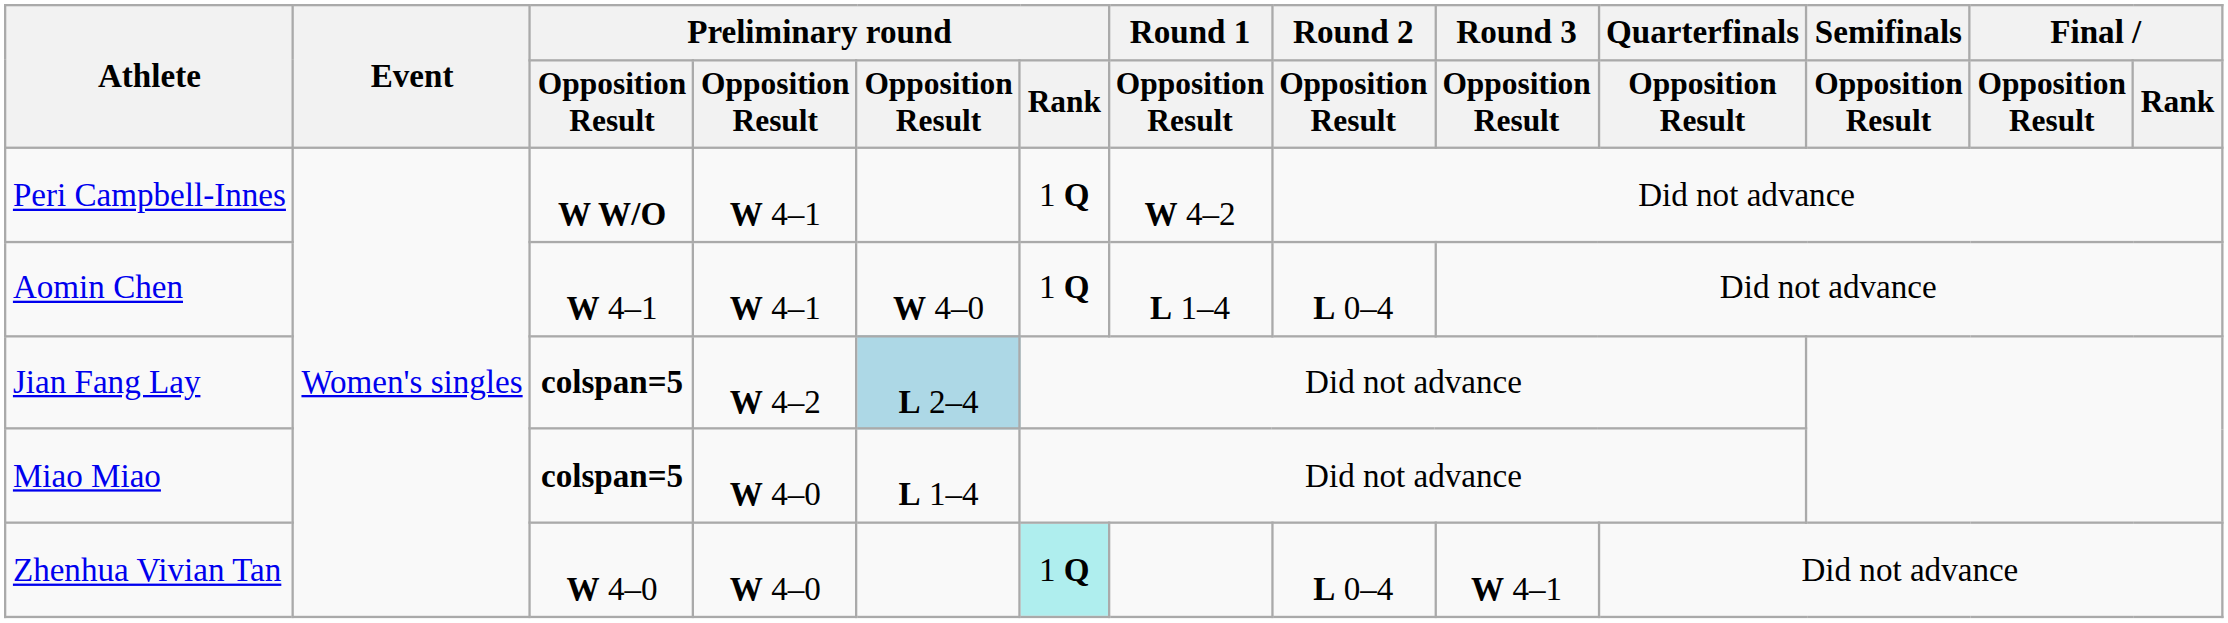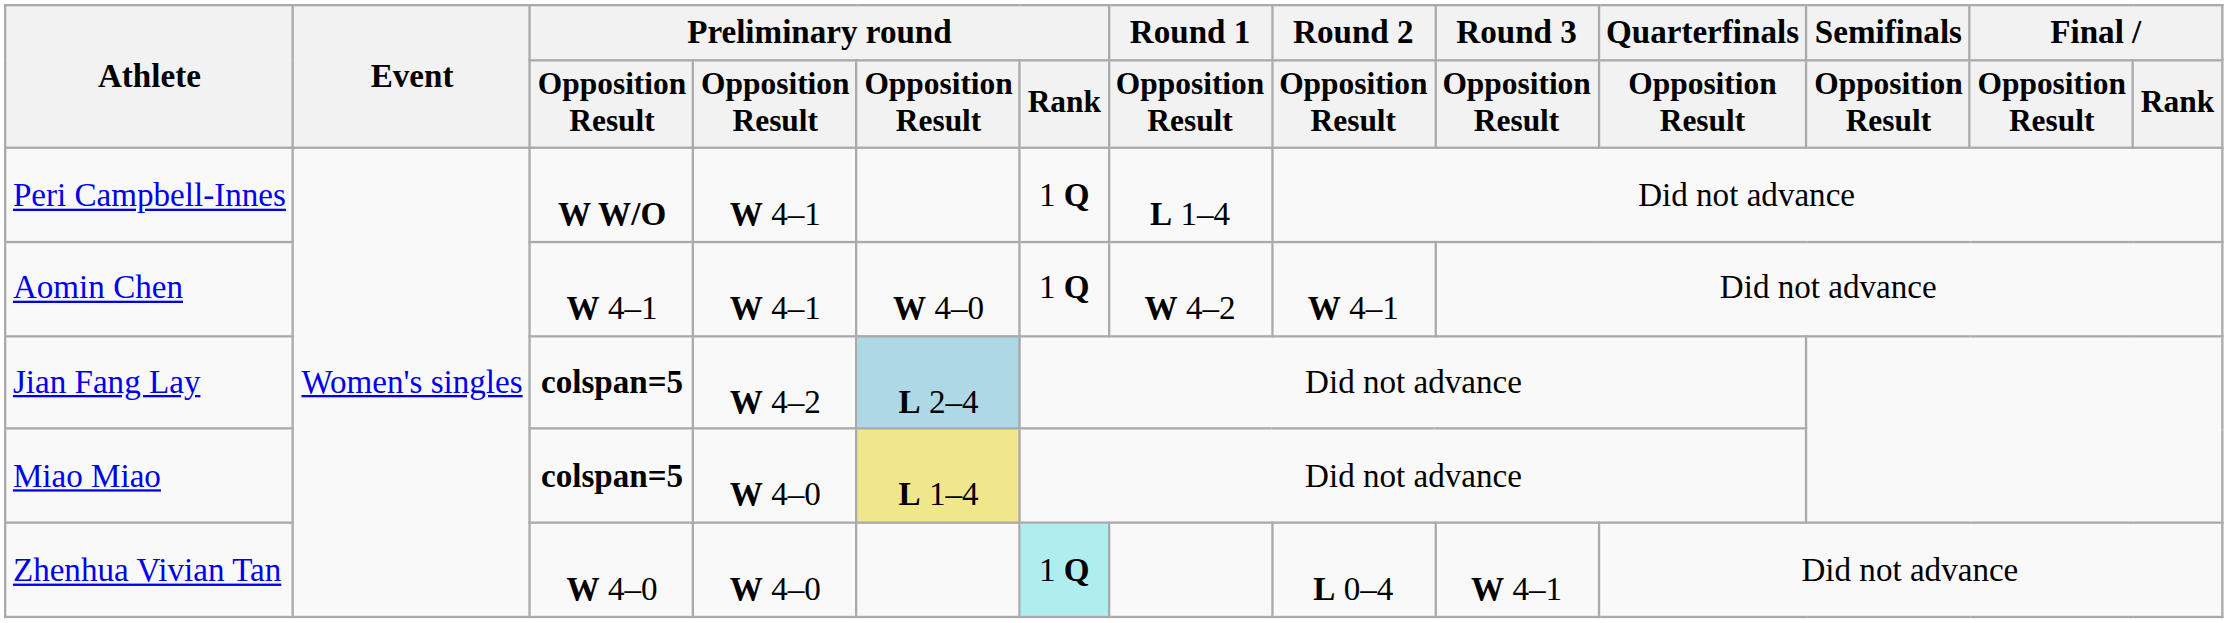 <table class="wikitable" style="font-size:90%">
 <tr>
 <th rowspan="2">Athlete</th>
 <th rowspan="2">Event</th>
 <th colspan=4>Preliminary round</th>
 <th>Round 1</th>
 <th>Round 2</th>
 <th>Round 3</th>
 <th>Quarterfinals</th>
 <th>Semifinals</th>
 <th colspan=2>Final / </th>
 </tr>
 <tr style="font-size:95%">
 <th>Opposition<br>Result</th>
 <th>Opposition<br>Result</th>
 <th>Opposition<br>Result</th>
 <th>Rank</th>
 <th>Opposition<br>Result</th>
 <th>Opposition<br>Result</th>
 <th>Opposition<br>Result</th>
 <th>Opposition<br>Result</th>
 <th>Opposition<br>Result</th>
 <th>Opposition<br>Result</th>
 <th>Rank</th>
 </tr>
 <tr align=center>
 <td align=left><a href='#'>Peri Campbell-Innes</a></td>
 <td align=left rowspan=5><a href='#'>Women's singles</a></td>
 <td><br><strong>W W/O</strong></td>
 <td><br><strong>W</strong> 4–1</td>
 <td></td>
 <td>1 <strong>Q</strong></td>
-<td><br><strong>W</strong> 4–2</td>
+<td><br><strong>L</strong> 1–4</td>
 <td colspan=6>Did not advance</td>
 </tr>
 <tr align=center>
 <td align=left><a href='#'>Aomin Chen</a></td>
 <td><br><strong>W</strong> 4–1</td>
 <td><br><strong>W</strong> 4–1</td>
 <td><br><strong>W</strong> 4–0</td>
 <td>1 <strong>Q</strong></td>
-<td><br><strong>L</strong> 1–4</td>
-<td><br><strong>L</strong> 0–4</td>
+<td><br><strong>W</strong> 4–2</td>
+<td><br><strong>W</strong> 4–1</td>
 <td colspan=5>Did not advance</td>
 </tr>
 <tr align=center>
 <td align=left><a href='#'>Jian Fang Lay</a></td>
 <td><strong>colspan=5 </strong></td>
 <td><br><strong>W</strong> 4–2</td>
 <td style="background: lightblue;"><br><strong>L</strong> 2–4</td>
 <td colspan=5>Did not advance</td>
 </tr>
 <tr align=center>
 <td align=left><a href='#'>Miao Miao</a></td>
 <td><strong>colspan=5 </strong></td>
 <td><br><strong>W</strong> 4–0</td>
-<td><br><strong>L</strong> 1–4</td>
+<td style="background: khaki;"><br><strong>L</strong> 1–4</td>
 <td colspan=5>Did not advance</td>
 </tr>
 <tr align=center>
 <td align=left><a href='#'>Zhenhua Vivian Tan</a></td>
 <td><br><strong>W</strong> 4–0</td>
 <td><br><strong>W</strong> 4–0</td>
 <td></td>
 <td style="background: paleturquoise;">1 <strong>Q</strong></td>
 <td></td>
 <td><br><strong>L</strong> 0–4</td>
 <td><br><strong>W</strong> 4–1</td>
 <td colspan=5>Did not advance</td>
 </tr>
 </table>
